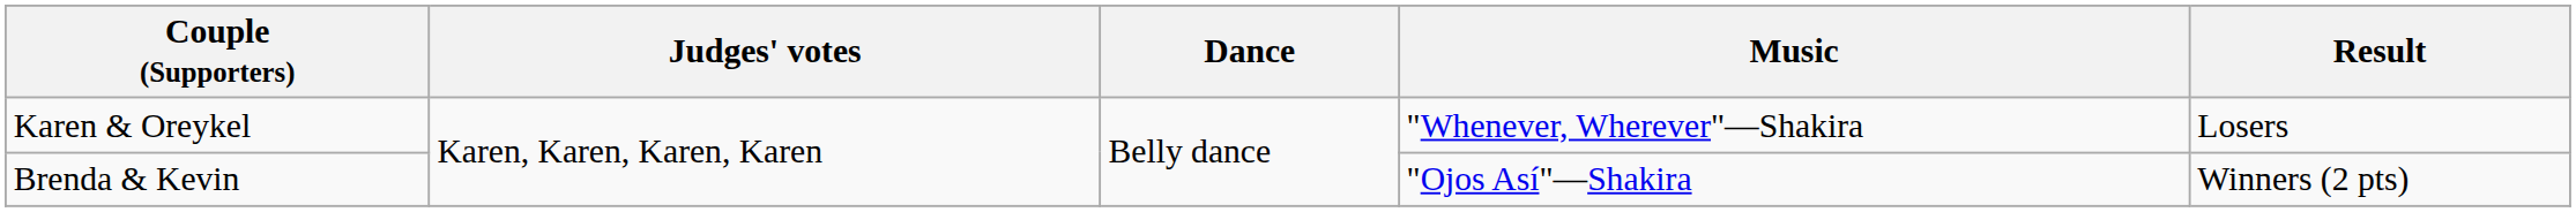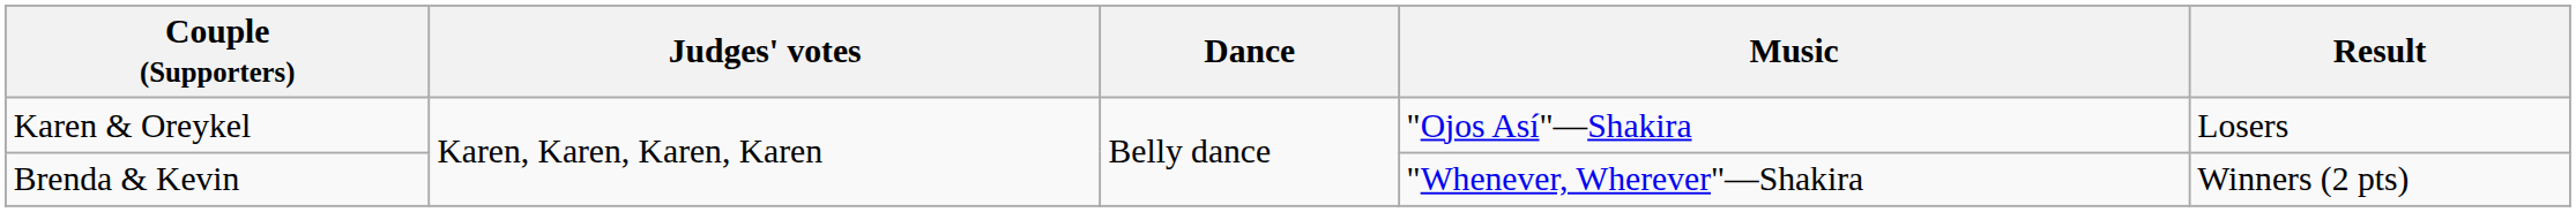 <table class="wikitable sortable" style="width:95%; white-space:nowrap;">
 <tr>
 <th>Couple<br><small>(Supporters)</small></th>
 <th>Judges' votes</th>
 <th>Dance</th>
 <th>Music</th>
 <th>Result</th>
 </tr>
 <tr>
 <td>Karen & Oreykel<br></td>
 <td rowspan=2>Karen, Karen, Karen, Karen</td>
 <td rowspan=2>Belly dance</td>
-<td>"<a href='#'>Whenever, Wherever</a>"—Shakira</td>
+<td>"<a href='#'>Ojos Así</a>"—<a href='#'>Shakira</a></td>
 <td>Losers</td>
 </tr>
 <tr>
 <td>Brenda & Kevin<br></td>
-<td>"<a href='#'>Ojos Así</a>"—<a href='#'>Shakira</a></td>
+<td>"<a href='#'>Whenever, Wherever</a>"—Shakira</td>
 <td>Winners (2 pts)</td>
 </tr>
 </table>
